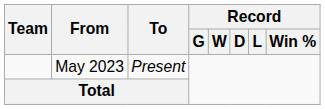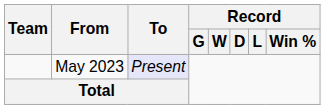 <table class="wikitable" style="text-align: center">
 <tr>
 <th rowspan="2">Team</th>
 <th rowspan="2">From</th>
 <th rowspan="2">To</th>
 <th colspan="5">Record</th>
 </tr>
 <tr>
 <th>G</th>
 <th>W</th>
 <th>D</th>
 <th>L</th>
 <th>Win %</th>
 </tr>
 <tr>
 <td align=left></td>
 <td align=left>May 2023</td>
-<td align=left><em>Present</em><br></td>
+<td align=left style="background: lavender;"><em>Present</em><br></td>
 </tr>
 <tr>
 <th colspan="3">Total<br></th>
 </tr>
 </table>
